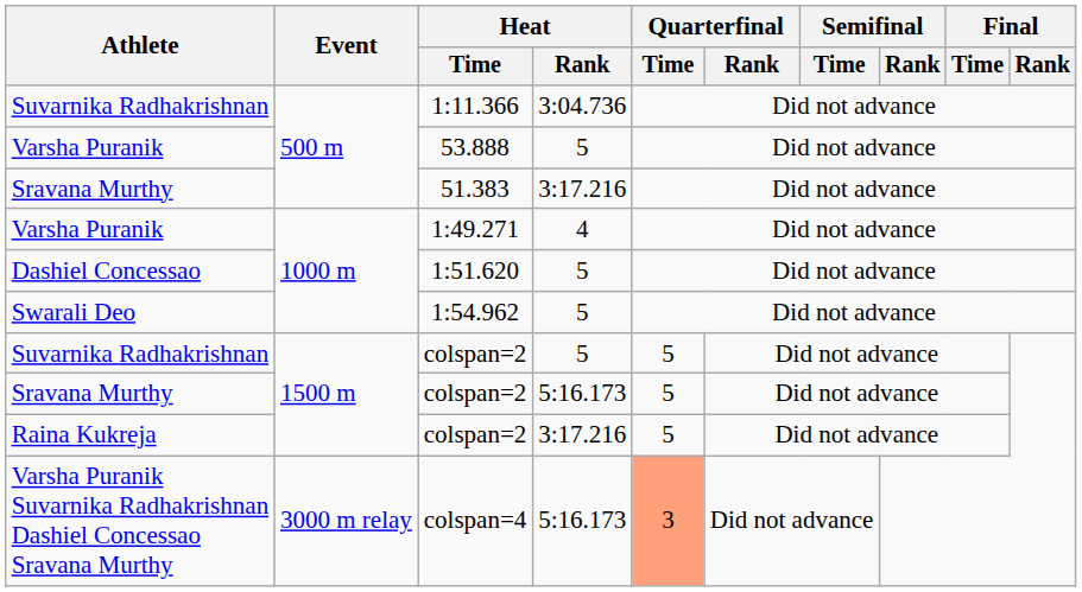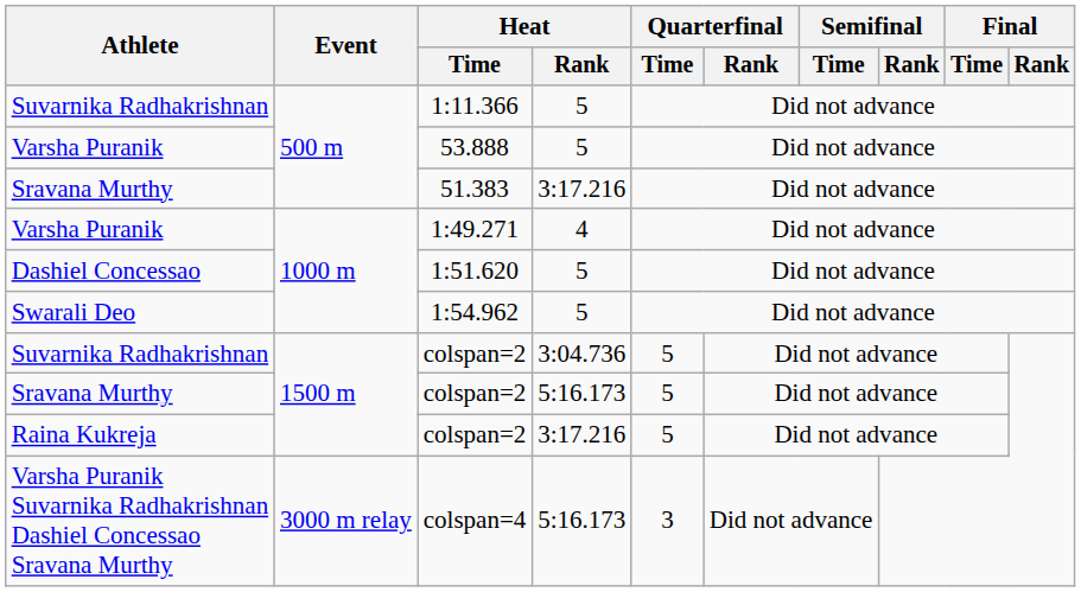 <table class="wikitable" style="font-size:90%">
 <tr>
 <th rowspan=2>Athlete</th>
 <th rowspan=2>Event</th>
 <th colspan=2>Heat</th>
 <th colspan=2>Quarterfinal</th>
 <th colspan=2>Semifinal</th>
 <th colspan=2>Final</th>
 </tr>
 <tr style="font-size:95%">
 <th>Time</th>
 <th>Rank</th>
 <th>Time</th>
 <th>Rank</th>
 <th>Time</th>
 <th>Rank</th>
 <th>Time</th>
 <th>Rank</th>
 </tr>
 <tr align=center>
 <td align=left><a href='#'>Suvarnika Radhakrishnan</a></td>
 <td align=left rowspan=3><a href='#'>500 m</a></td>
 <td>1:11.366</td>
-<td>3:04.736</td>
+<td>5</td>
 <td colspan=6>Did not advance</td>
 </tr>
 <tr align=center>
 <td align=left><a href='#'>Varsha Puranik</a></td>
 <td>53.888</td>
 <td>5</td>
 <td colspan=6>Did not advance</td>
 </tr>
 <tr align=center>
 <td align=left><a href='#'>Sravana Murthy</a></td>
 <td>51.383</td>
 <td>3:17.216</td>
 <td colspan=6>Did not advance</td>
 </tr>
 <tr align=center>
 <td align=left><a href='#'>Varsha Puranik</a></td>
 <td align=left rowspan=3><a href='#'>1000 m</a></td>
 <td>1:49.271</td>
 <td>4</td>
 <td colspan=6>Did not advance</td>
 </tr>
 <tr align=center>
 <td align=left><a href='#'>Dashiel Concessao</a></td>
 <td>1:51.620</td>
 <td>5</td>
 <td colspan=6>Did not advance</td>
 </tr>
 <tr align=center>
 <td align=left><a href='#'>Swarali Deo</a></td>
 <td>1:54.962</td>
 <td>5</td>
 <td colspan=6>Did not advance</td>
 </tr>
 <tr align=center>
 <td align=left><a href='#'>Suvarnika Radhakrishnan</a></td>
 <td align=left rowspan=3><a href='#'>1500 m</a></td>
 <td>colspan=2 </td>
-<td>5</td>
+<td>3:04.736</td>
 <td>5</td>
 <td colspan=4>Did not advance</td>
 </tr>
 <tr align=center>
 <td align=left><a href='#'>Sravana Murthy</a></td>
 <td>colspan=2 </td>
 <td>5:16.173</td>
 <td>5</td>
 <td colspan=4>Did not advance</td>
 </tr>
 <tr align=center>
 <td align=left><a href='#'>Raina Kukreja</a></td>
 <td>colspan=2 </td>
 <td>3:17.216</td>
 <td>5</td>
 <td colspan=4>Did not advance</td>
 </tr>
 <tr align=center>
 <td align=left><a href='#'>Varsha Puranik</a><br><a href='#'>Suvarnika Radhakrishnan</a><br><a href='#'>Dashiel Concessao</a><br><a href='#'>Sravana Murthy</a></td>
 <td align=left><a href='#'>3000 m relay</a></td>
 <td>colspan=4 </td>
 <td>5:16.173</td>
-<td style="background: lightsalmon;">3</td>
+<td>3</td>
 <td colspan=2>Did not advance</td>
 </tr>
 </table>
